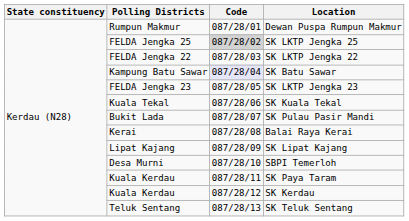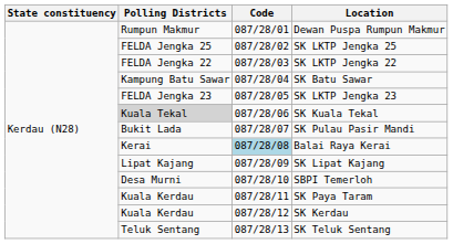 <table class="wikitable sortable mw-collapsible" style="white-space:nowrap;font-size:85%">
 <tr>
 <th>State constituency</th>
 <th>Polling Districts</th>
 <th>Code</th>
 <th>Location</th>
 </tr>
 <tr>
 <td rowspan="13">Kerdau (N28)</td>
 <td>Rumpun Makmur</td>
 <td>087/28/01</td>
 <td>Dewan Puspa Rumpun Makmur</td>
 </tr>
 <tr>
 <td>FELDA Jengka 25</td>
-<td style="background: lightgrey;">087/28/02</td>
+<td>087/28/02</td>
 <td>SK LKTP Jengka 25</td>
 </tr>
 <tr>
 <td>FELDA Jengka 22</td>
 <td>087/28/03</td>
 <td>SK LKTP Jengka 22</td>
 </tr>
 <tr>
 <td>Kampung Batu Sawar</td>
-<td style="background: lavender;">087/28/04</td>
+<td>087/28/04</td>
 <td>SK Batu Sawar</td>
 </tr>
 <tr>
 <td>FELDA Jengka 23</td>
 <td>087/28/05</td>
 <td>SK LKTP Jengka 23</td>
 </tr>
 <tr>
-<td>Kuala Tekal</td>
+<td style="background: lightgrey;">Kuala Tekal</td>
 <td>087/28/06</td>
 <td>SK Kuala Tekal</td>
 </tr>
 <tr>
 <td>Bukit Lada</td>
 <td>087/28/07</td>
 <td>SK Pulau Pasir Mandi</td>
 </tr>
 <tr>
 <td>Kerai</td>
-<td>087/28/08</td>
+<td style="background: lightblue;">087/28/08</td>
 <td>Balai Raya Kerai</td>
 </tr>
 <tr>
 <td>Lipat Kajang</td>
 <td>087/28/09</td>
 <td>SK Lipat Kajang</td>
 </tr>
 <tr>
 <td>Desa Murni</td>
 <td>087/28/10</td>
 <td>SBPI Temerloh</td>
 </tr>
 <tr>
 <td>Kuala Kerdau</td>
 <td>087/28/11</td>
 <td>SK Paya Taram</td>
 </tr>
 <tr>
 <td>Kuala Kerdau</td>
 <td>087/28/12</td>
 <td>SK Kerdau</td>
 </tr>
 <tr>
 <td>Teluk Sentang</td>
 <td>087/28/13</td>
 <td>SK Teluk Sentang</td>
 </tr>
 </table>
